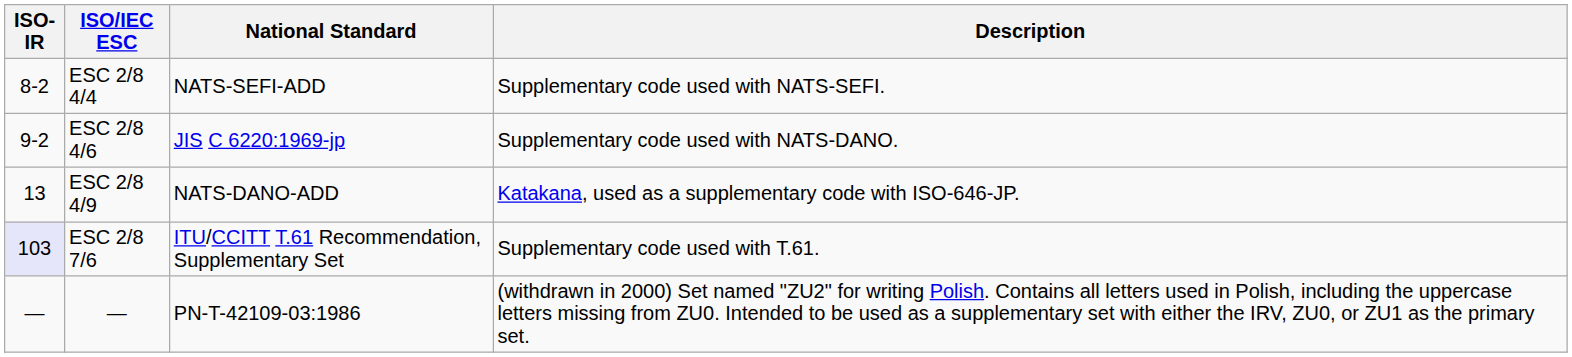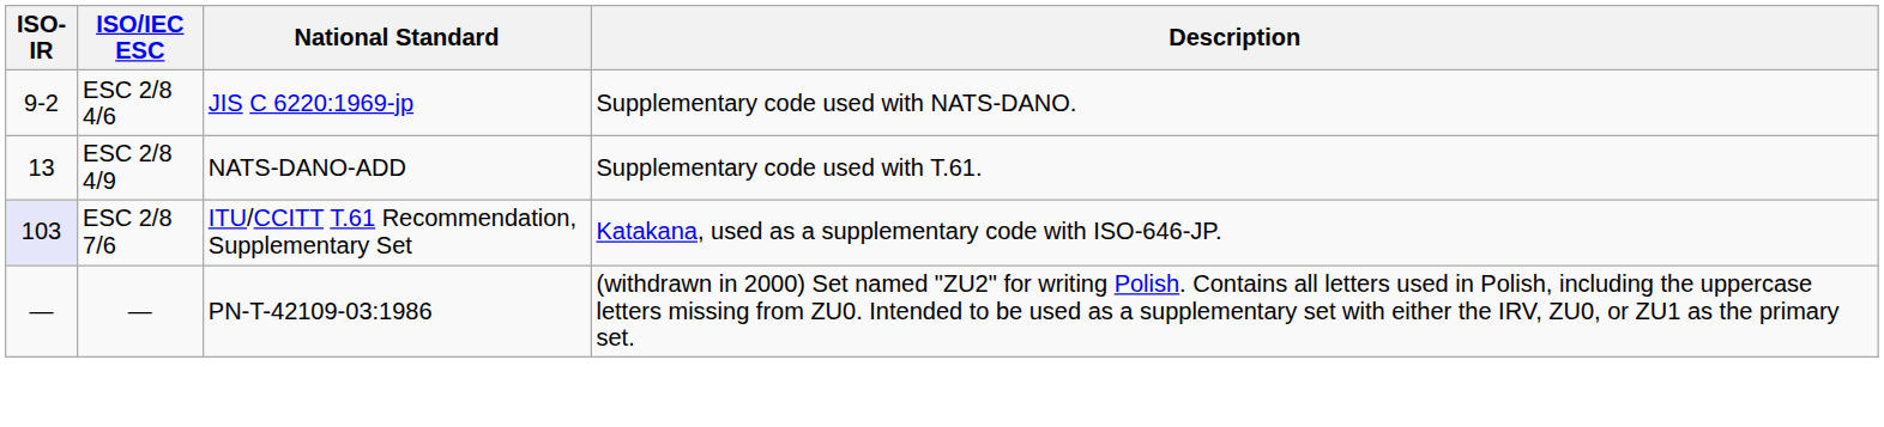 <table class="wikitable sortable" style="width:99%;">
 <tr>
 <th>ISO-IR</th>
 <th><a href='#'>ISO/IEC ESC</a></th>
 <th>National Standard</th>
 <th>Description</th>
-</tr>
-<tr>
-<td style="text-align:center;" data-sort-value="008.2">8-2</td>
-<td>ESC 2/8 4/4</td>
-<td>NATS-SEFI-ADD</td>
-<td>Supplementary code used with NATS-SEFI.</td>
 </tr>
 <tr>
 <td style="text-align:center;" data-sort-value="009.2">9-2</td>
 <td>ESC 2/8 4/6</td>
 <td><a href='#'>JIS</a> <a href='#'>C 6220:1969-jp</a></td>
 <td>Supplementary code used with NATS-DANO.</td>
 </tr>
 <tr>
 <td style="text-align:center;" data-sort-value="013">13</td>
 <td>ESC 2/8 4/9</td>
 <td>NATS-DANO-ADD</td>
-<td><a href='#'>Katakana</a>, used as a supplementary code with ISO-646-JP.</td>
+<td>Supplementary code used with T.61.</td>
 </tr>
 <tr>
 <td style="background: lavender; text-align:center;" data-sort-value="103">103</td>
 <td>ESC 2/8 7/6</td>
 <td><a href='#'>ITU</a>/<a href='#'>CCITT</a> <a href='#'>T.61</a> Recommendation, Supplementary Set</td>
-<td>Supplementary code used with T.61.</td>
+<td><a href='#'>Katakana</a>, used as a supplementary code with ISO-646-JP.</td>
 </tr>
 <tr>
 <td style="text-align:center;" data-sort-value="none">—</td>
 <td style="text-align:center;">—</td>
 <td>PN⁠-⁠T⁠-⁠42109-03:1986</td>
 <td>(withdrawn in 2000) Set named "ZU2" for writing <a href='#'>Polish</a>. Contains all letters used in Polish, including the uppercase letters missing from ZU0. Intended to be used as a supplementary set with either the IRV, ZU0, or ZU1 as the primary set.</td>
 </tr>
 </table>
